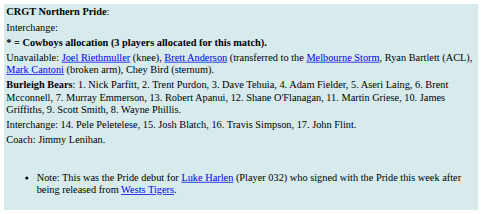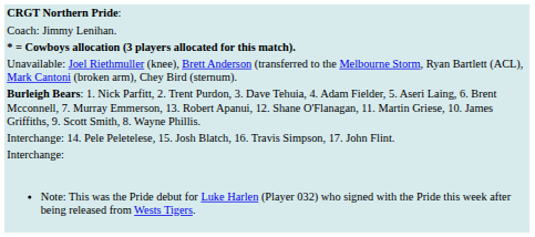 <table style="background:#d7ebed; font-size:85%; width:100%;">
 <tr>
 <td><strong>CRGT Northern Pride</strong>:             </td>
 </tr>
 <tr>
-<td>Interchange:    </td>
+<td>Coach: Jimmy Lenihan.</td>
 </tr>
 <tr>
 <td><strong>* = Cowboys allocation (3 players allocated for this match).</strong></td>
 </tr>
 <tr>
 <td>Unavailable: <a href='#'>Joel Riethmuller</a> (knee), <a href='#'>Brett Anderson</a> (transferred to the <a href='#'>Melbourne Storm</a>, Ryan Bartlett (ACL), <a href='#'>Mark Cantoni</a> (broken arm), Chey Bird (sternum).</td>
 </tr>
 <tr>
 <td><strong>Burleigh Bears</strong>: 1. Nick Parfitt, 2. Trent Purdon, 3. Dave Tehuia, 4. Adam Fielder, 5. Aseri Laing, 6. Brent Mcconnell, 7. Murray Emmerson, 13. Robert Apanui, 12. Shane O'Flanagan, 11. Martin Griese, 10. James Griffiths, 9. Scott Smith, 8. Wayne Phillis.</td>
 </tr>
 <tr>
 <td>Interchange: 14. Pele Peletelese, 15. Josh Blatch, 16. Travis Simpson, 17. John Flint.</td>
 </tr>
 <tr>
-<td>Coach: Jimmy Lenihan.</td>
+<td>Interchange:    </td>
 </tr>
 <tr>
 <td><br><ul><li>Note: This was the Pride debut for <a href='#'>Luke Harlen</a> (Player 032) who signed with the Pride this week after being released from <a href='#'>Wests Tigers</a>.</li></ul></td>
 </tr>
 <tr>
 </tr>
 </table>
